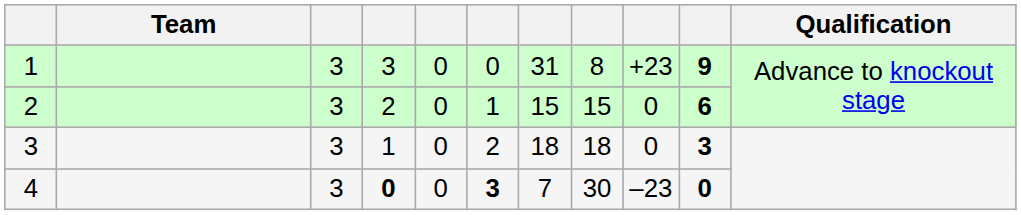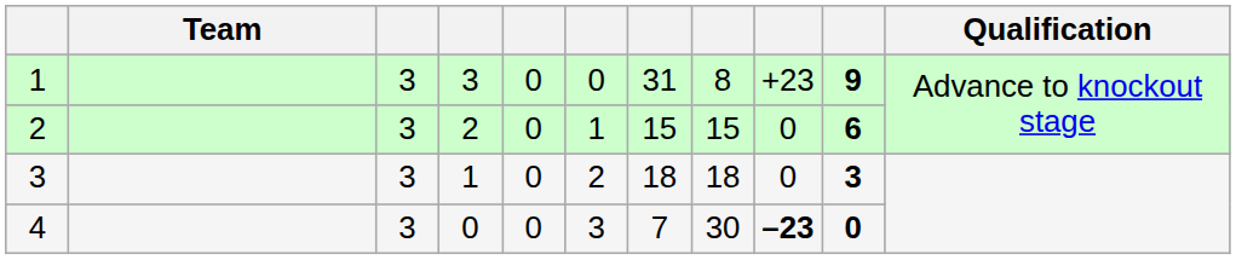 <table class="wikitable" style="text-align: center;">
 <tr>
 <th width="25"></th>
 <th width="150">Team</th>
 <th width="25"></th>
 <th width="25"></th>
 <th width="25"></th>
 <th width="25"></th>
 <th width="25"></th>
 <th width="25"></th>
 <th width="25"></th>
 <th width="25"></th>
 <th width="170">Qualification</th>
 </tr>
 <tr align=center style="background:#ccffcc;">
 <td>1</td>
 <td style="text-align:left;"></td>
 <td>3</td>
 <td>3</td>
 <td>0</td>
 <td>0</td>
 <td>31</td>
 <td>8</td>
 <td>+23</td>
 <td><strong>9</strong></td>
 <td rowspan="2">Advance to <a href='#'>knockout stage</a></td>
 </tr>
 <tr align=center style="background:#ccffcc;">
 <td>2</td>
 <td style="text-align:left;"></td>
 <td>3</td>
 <td>2</td>
 <td>0</td>
 <td>1</td>
 <td>15</td>
 <td>15</td>
 <td>0</td>
 <td><strong>6</strong></td>
 </tr>
 <tr align=center style="background:#f5f5f5;">
 <td>3</td>
 <td style="text-align:left;"></td>
 <td>3</td>
 <td>1</td>
 <td>0</td>
 <td>2</td>
 <td>18</td>
 <td>18</td>
 <td>0</td>
 <td><strong>3</strong></td>
 <td rowspan="2"></td>
 </tr>
 <tr align=center style="background:#f5f5f5;">
 <td>4</td>
 <td style="text-align:left;"></td>
 <td>3</td>
-<td><strong>0</strong></td>
 <td>0</td>
-<td><strong>3</strong></td>
+<td>0</td>
+<td>3</td>
 <td>7</td>
 <td>30</td>
-<td>–23</td>
+<td><strong>–23</strong></td>
 <td><strong>0</strong></td>
 </tr>
 </table>
